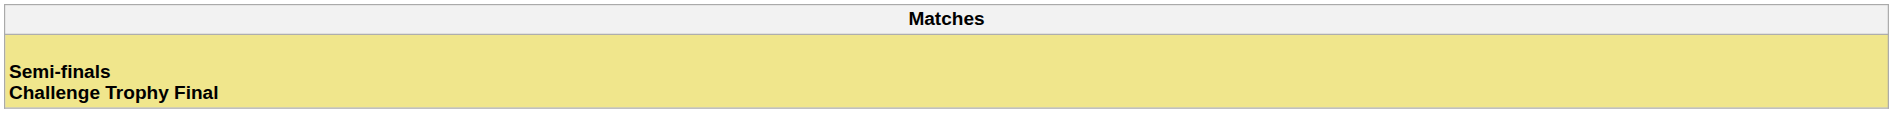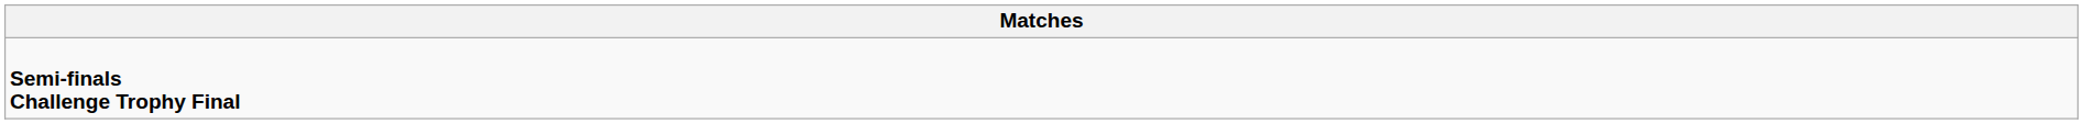 <table class="wikitable collapsible collapsed" style="width:100%;">
 <tr>
 <th>Matches</th>
 </tr>
 <tr>
-<td style="background: khaki;"><br><strong>Semi-finals</strong>  <br><strong>Challenge Trophy Final</strong> </td>
+<td><br><strong>Semi-finals</strong>  <br><strong>Challenge Trophy Final</strong> </td>
 </tr>
 </table>
